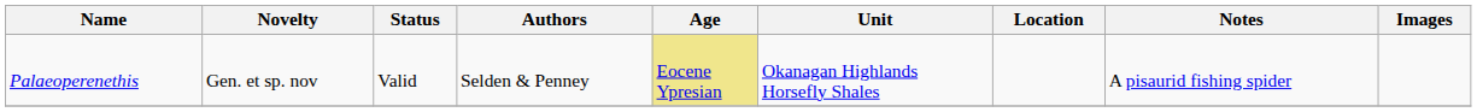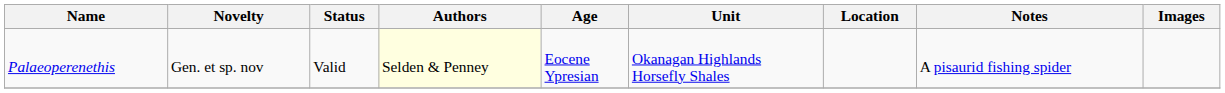 <table class="wikitable sortable" align="center" width="80%">
 <tr>
 <th>Name</th>
 <th>Novelty</th>
 <th>Status</th>
 <th>Authors</th>
 <th>Age</th>
 <th>Unit</th>
 <th>Location</th>
 <th>Notes</th>
 <th>Images</th>
 </tr>
 <tr>
 <td><br><em><a href='#'>Palaeoperenethis</a></em></td>
 <td><br>Gen. et sp. nov</td>
 <td><br>Valid</td>
-<td><br>Selden & Penney</td>
-<td style="background: khaki;"><br><a href='#'>Eocene</a><br><a href='#'>Ypresian</a></td>
+<td style="background: lightyellow;"><br>Selden & Penney</td>
+<td><br><a href='#'>Eocene</a><br><a href='#'>Ypresian</a></td>
 <td><br><a href='#'>Okanagan Highlands</a><br><a href='#'>Horsefly Shales</a></td>
 <td><br><br></td>
 <td><br>A <a href='#'>pisaurid fishing spider</a></td>
 <td></td>
 </tr>
 <tr>
 </tr>
 </table>
